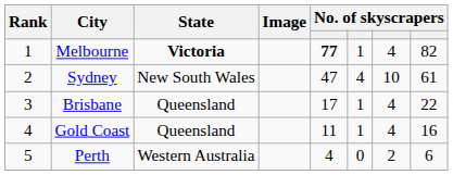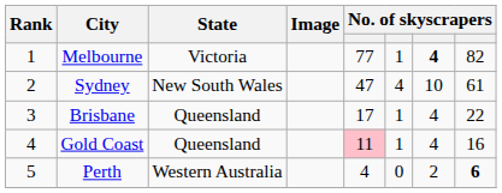 <table class="wikitable sortable" style="text-align:center; font-size:100%; margin:left;">
 <tr>
 <th rowspan="2">Rank</th>
 <th rowspan="2">City</th>
 <th rowspan="2">State</th>
 <th rowspan="2">Image</th>
 <th rowspan="1" colspan="4">No. of skyscrapers</th>
 </tr>
 <tr>
 <th></th>
 <th></th>
 <th></th>
 <th></th>
 </tr>
 <tr>
 <td>1</td>
 <td><a href='#'>Melbourne</a></td>
-<td><strong>Victoria</strong></td>
+<td>Victoria</td>
 <td></td>
-<td><strong>77</strong></td>
+<td>77</td>
 <td>1</td>
-<td>4</td>
+<td><strong>4</strong></td>
 <td>82</td>
 </tr>
 <tr>
 <td>2</td>
 <td><a href='#'>Sydney</a></td>
 <td>New South Wales</td>
 <td></td>
 <td>47</td>
 <td>4</td>
 <td>10</td>
 <td>61</td>
 </tr>
 <tr>
 <td>3</td>
 <td><a href='#'>Brisbane</a></td>
 <td>Queensland</td>
 <td></td>
 <td>17</td>
 <td>1</td>
 <td>4</td>
 <td>22</td>
 </tr>
 <tr>
 <td>4</td>
 <td><a href='#'>Gold Coast</a></td>
 <td>Queensland</td>
 <td></td>
-<td>11</td>
+<td style="background: pink;">11</td>
 <td>1</td>
 <td>4</td>
 <td>16</td>
 </tr>
 <tr>
 <td>5</td>
 <td><a href='#'>Perth</a></td>
 <td>Western Australia</td>
 <td></td>
 <td>4</td>
 <td>0</td>
 <td>2</td>
-<td>6</td>
+<td><strong>6</strong></td>
 </tr>
 <tr>
 </tr>
 </table>
